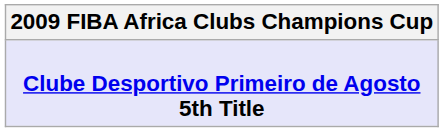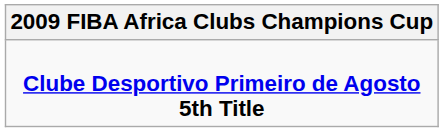 <table class=wikitable style="text-align:center; margin:auto">
 <tr>
 <th>2009 FIBA Africa Clubs Champions Cup</th>
 </tr>
 <tr>
-<td style="background: lavender;"><br><strong><a href='#'>Clube Desportivo Primeiro de Agosto</a></strong><br><strong>5th Title</strong></td>
+<td><br><strong><a href='#'>Clube Desportivo Primeiro de Agosto</a></strong><br><strong>5th Title</strong></td>
 </tr>
 </table>
